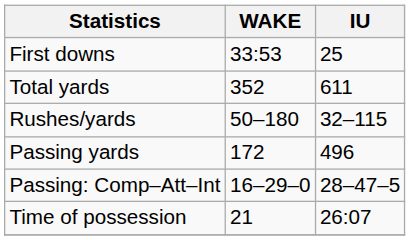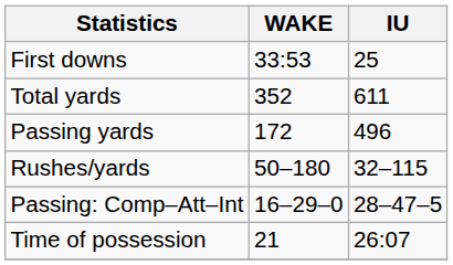 <table class="wikitable" style="float: left;">
 <tr>
 <th>Statistics</th>
 <th>WAKE</th>
 <th>IU</th>
 </tr>
 <tr>
 <td>First downs</td>
 <td>33:53</td>
 <td>25</td>
 </tr>
 <tr>
 <td>Total yards</td>
 <td>352</td>
 <td>611</td>
 </tr>
 <tr>
+<td>Passing yards</td>
+<td>172</td>
+<td>496</td>
+</tr>
+<tr>
 <td>Rushes/yards</td>
 <td>50–180</td>
 <td>32–115</td>
-</tr>
-<tr>
-<td>Passing yards</td>
-<td>172</td>
-<td>496</td>
 </tr>
 <tr>
 <td>Passing: Comp–Att–Int</td>
 <td>16–29–0</td>
 <td>28–47–5</td>
 </tr>
 <tr>
 <td>Time of possession</td>
 <td>21</td>
 <td>26:07</td>
 </tr>
 <tr>
 </tr>
 </table>
